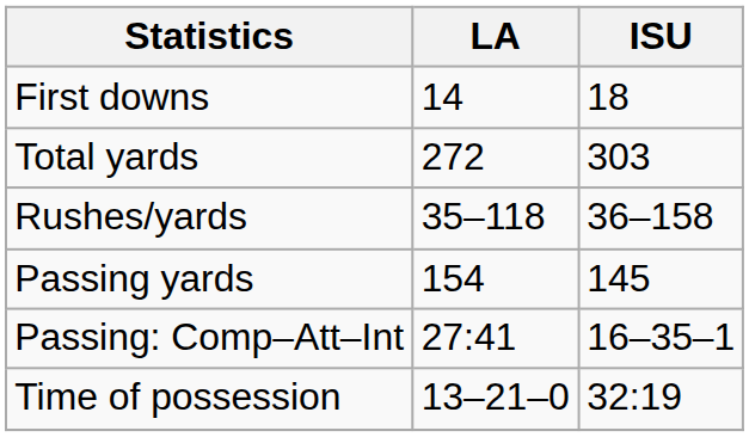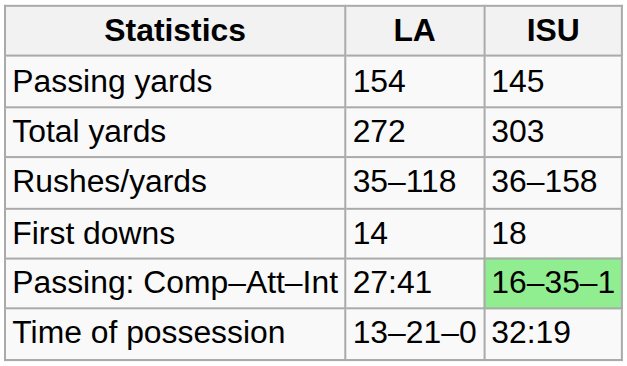 <table class="wikitable" style="float: left;">
 <tr>
 <th>Statistics</th>
 <th>LA</th>
 <th>ISU</th>
 </tr>
 <tr>
-<td>First downs</td>
-<td>14</td>
-<td>18</td>
+<td>Passing yards</td>
+<td>154</td>
+<td>145</td>
 </tr>
 <tr>
 <td>Total yards</td>
 <td>272</td>
 <td>303</td>
 </tr>
 <tr>
 <td>Rushes/yards</td>
 <td>35–118</td>
 <td>36–158</td>
 </tr>
 <tr>
-<td>Passing yards</td>
-<td>154</td>
-<td>145</td>
+<td>First downs</td>
+<td>14</td>
+<td>18</td>
 </tr>
 <tr>
 <td>Passing: Comp–Att–Int</td>
 <td>27:41</td>
-<td>16–35–1</td>
+<td style="background: lightgreen;">16–35–1</td>
 </tr>
 <tr>
 <td>Time of possession</td>
 <td>13–21–0</td>
 <td>32:19</td>
 </tr>
 <tr>
 </tr>
 </table>
